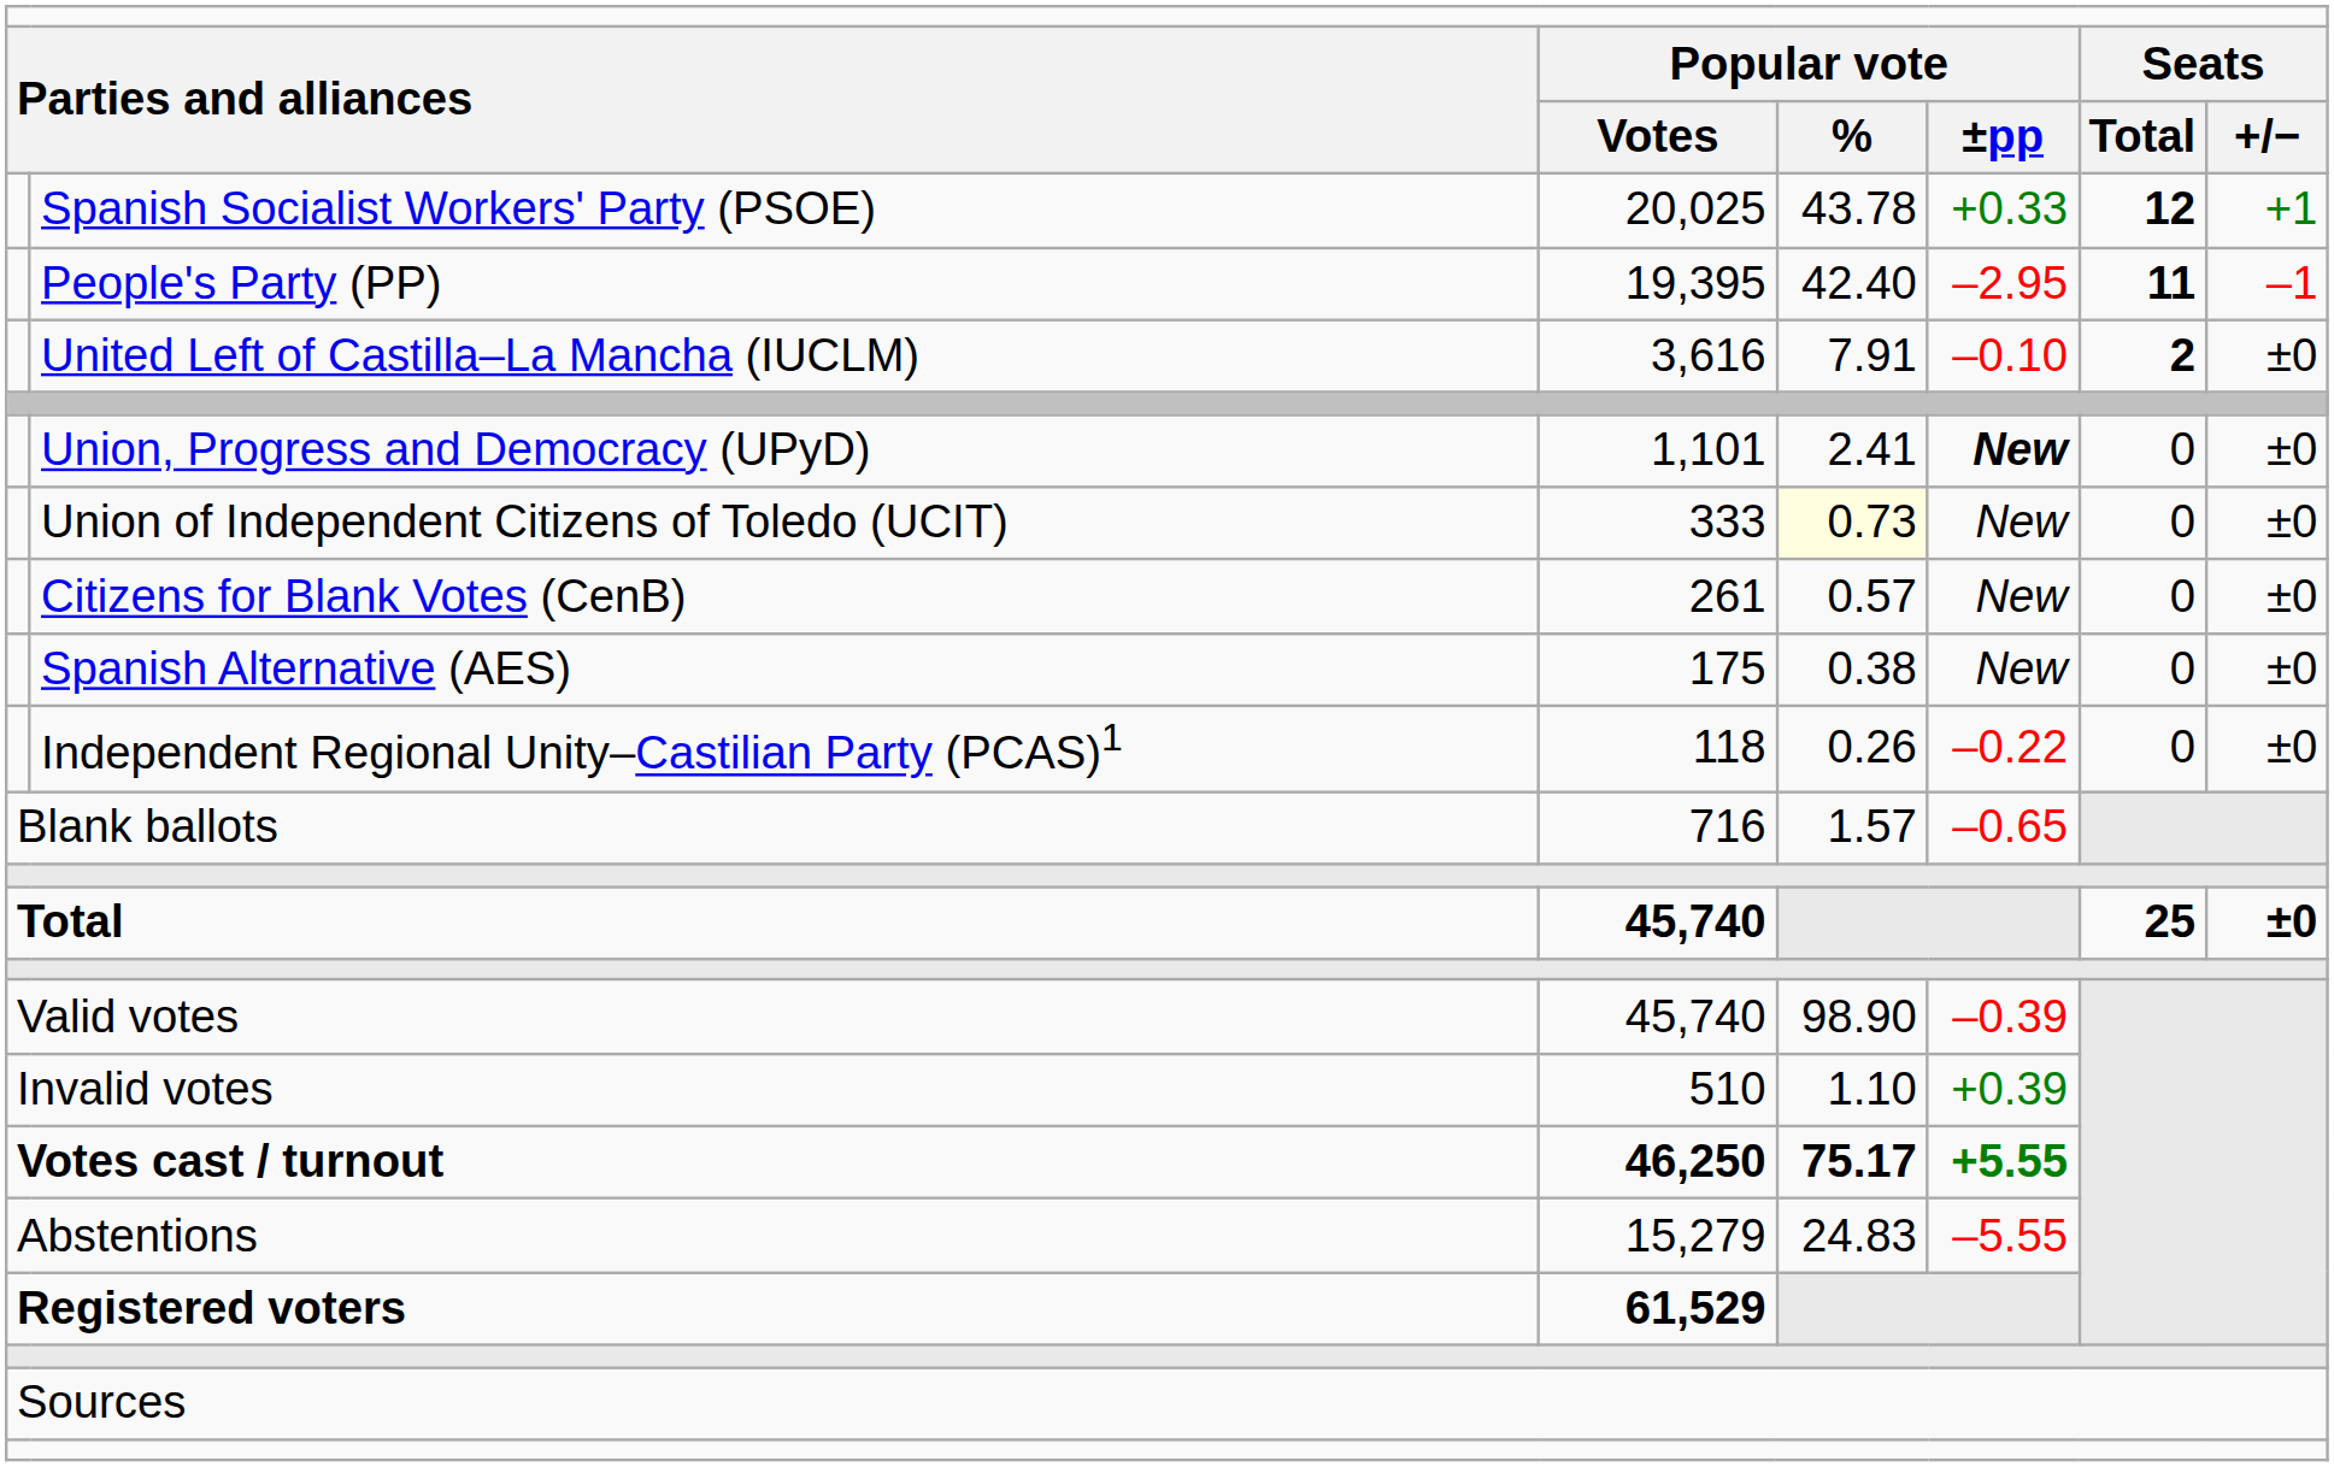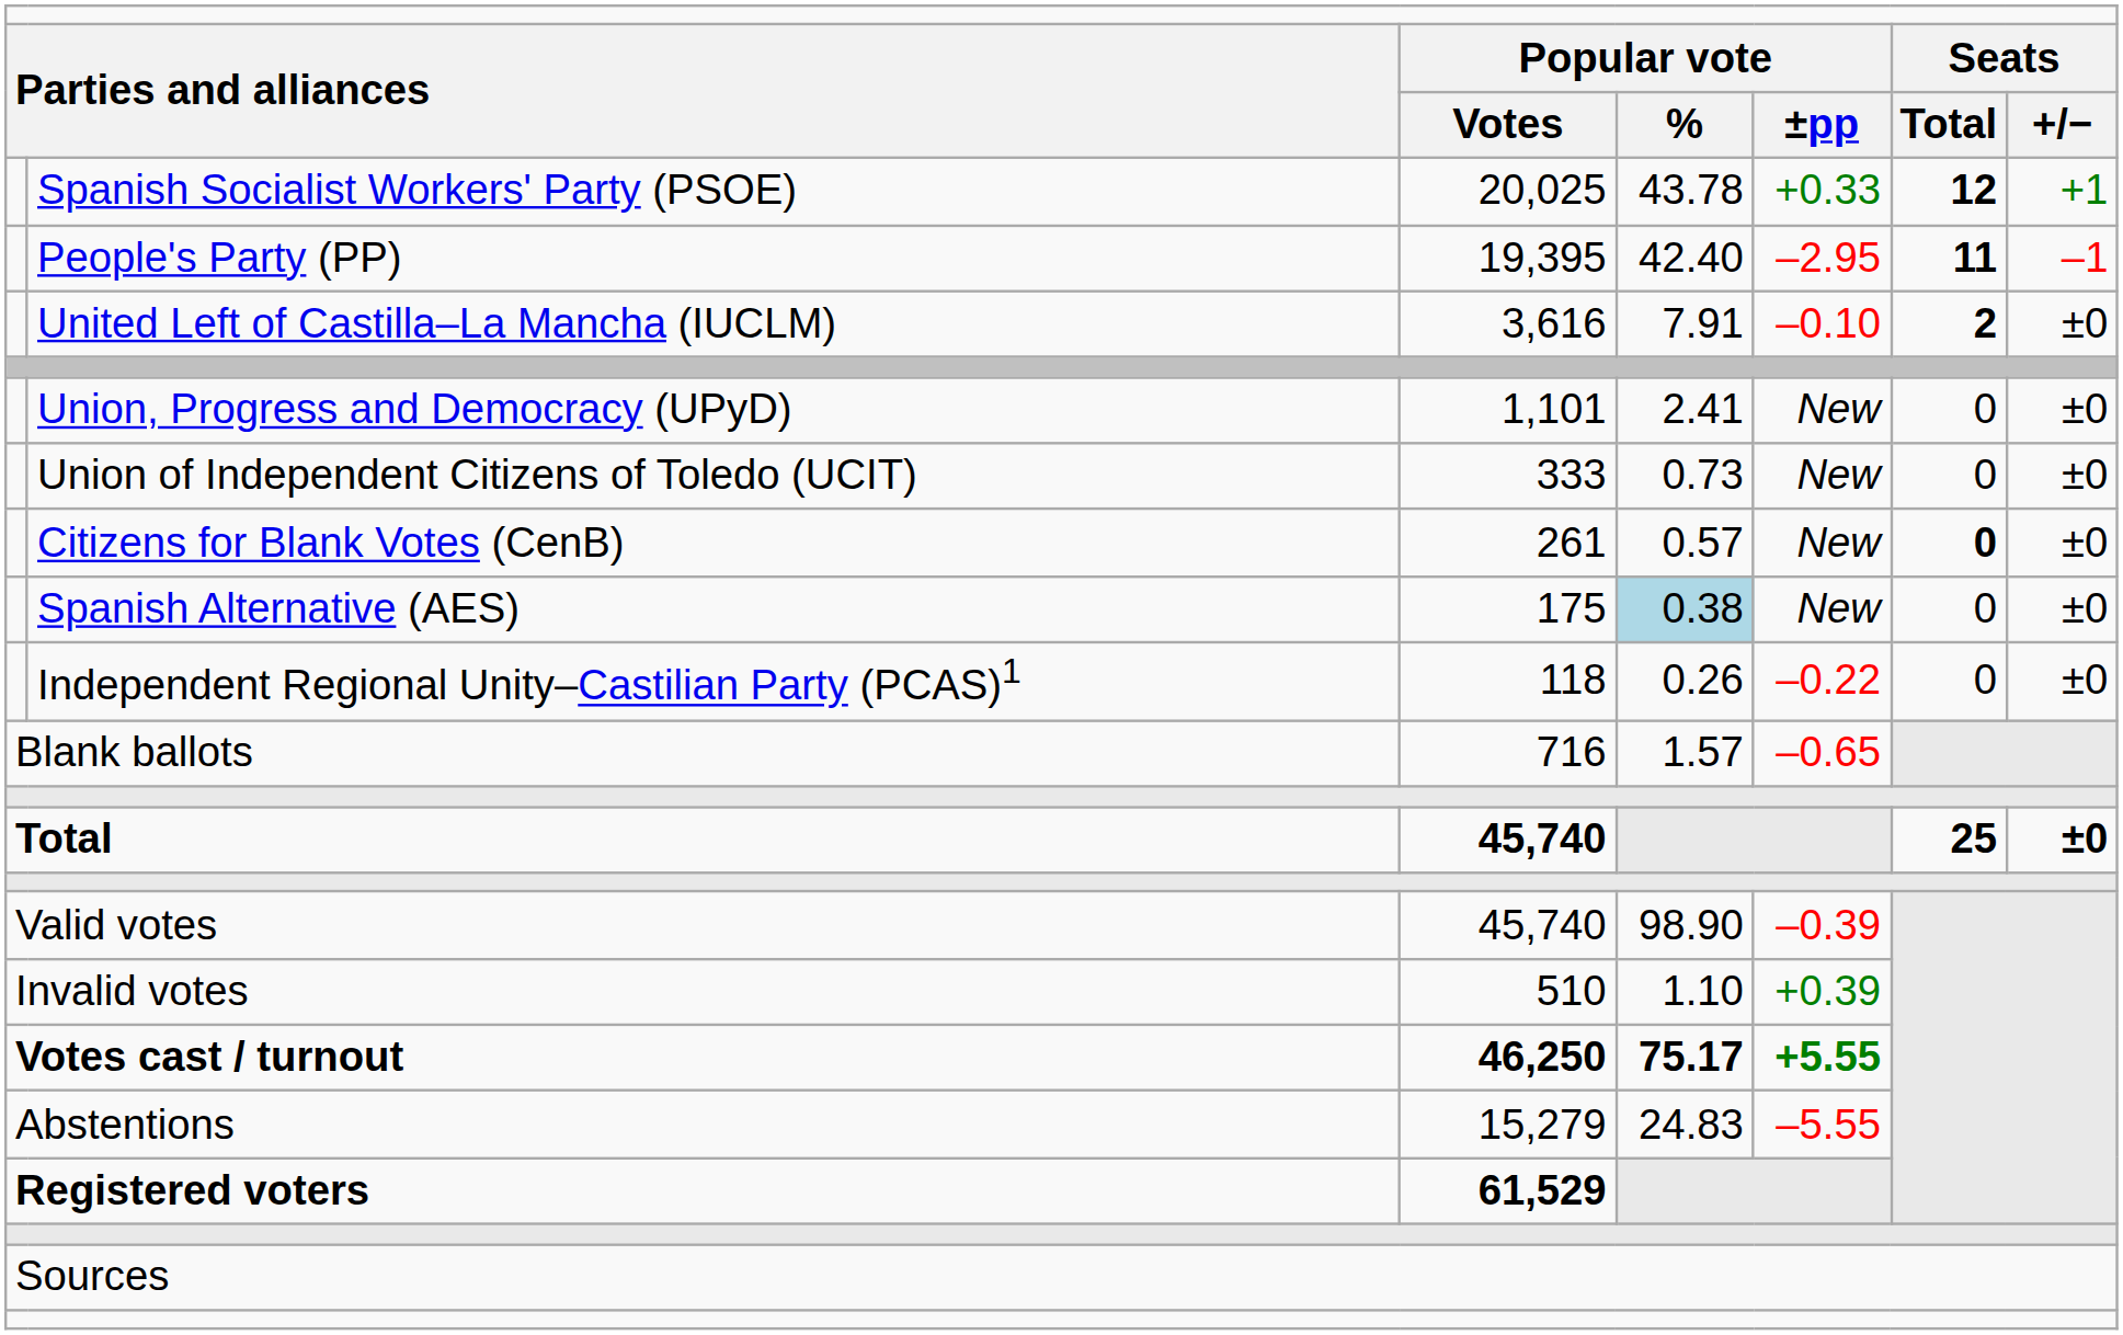 <table class="wikitable" style="text-align:right;">
 <tr>
 <td colspan="7"></td>
 </tr>
 <tr>
 <th style="text-align:left;" rowspan="2" colspan="2" width="525">Parties and alliances</th>
 <th colspan="3">Popular vote</th>
 <th colspan="2">Seats</th>
 </tr>
 <tr>
 <th width="75">Votes</th>
 <th width="45">%</th>
 <th width="45">±<a href='#'>pp</a></th>
 <th width="35">Total</th>
 <th width="35">+/−</th>
 </tr>
 <tr>
 <td width="1" style="color:inherit;background:"></td>
 <td align="left"><a href='#'>Spanish Socialist Workers' Party</a> (PSOE)</td>
 <td>20,025</td>
 <td>43.78</td>
 <td style="color:green;">+0.33</td>
 <td><strong>12</strong></td>
 <td style="color:green;">+1</td>
 </tr>
 <tr>
 <td style="color:inherit;background:"></td>
 <td align="left"><a href='#'>People's Party</a> (PP)</td>
 <td>19,395</td>
 <td>42.40</td>
 <td style="color:red;">–2.95</td>
 <td><strong>11</strong></td>
 <td style="color:red;">–1</td>
 </tr>
 <tr>
 <td style="color:inherit;background:"></td>
 <td align="left"><a href='#'>United Left of Castilla–La Mancha</a> (IUCLM)</td>
 <td>3,616</td>
 <td>7.91</td>
 <td style="color:red;">–0.10</td>
 <td><strong>2</strong></td>
 <td>±0</td>
 </tr>
 <tr>
 <td colspan="7" bgcolor="#C0C0C0"></td>
 </tr>
 <tr>
 <td style="color:inherit;background:"></td>
 <td align="left"><a href='#'>Union, Progress and Democracy</a> (UPyD)</td>
 <td>1,101</td>
 <td>2.41</td>
-<td><strong><em>New</em></strong></td>
+<td><em>New</em></td>
 <td>0</td>
 <td>±0</td>
 </tr>
 <tr>
 <td style="color:inherit;background:"></td>
 <td align="left">Union of Independent Citizens of Toledo (UCIT)</td>
 <td>333</td>
-<td style="background: lightyellow;">0.73</td>
+<td>0.73</td>
 <td><em>New</em></td>
 <td>0</td>
 <td>±0</td>
 </tr>
 <tr>
 <td style="color:inherit;background:"></td>
 <td align="left"><a href='#'>Citizens for Blank Votes</a> (CenB)</td>
 <td>261</td>
 <td>0.57</td>
 <td><em>New</em></td>
-<td>0</td>
+<td><strong>0</strong></td>
 <td>±0</td>
 </tr>
 <tr>
 <td style="color:inherit;background:"></td>
 <td align="left"><a href='#'>Spanish Alternative</a> (AES)</td>
 <td>175</td>
-<td>0.38</td>
+<td style="background: lightblue;">0.38</td>
 <td><em>New</em></td>
 <td>0</td>
 <td>±0</td>
 </tr>
 <tr>
 <td style="color:inherit;background:"></td>
 <td align="left">Independent Regional Unity–<a href='#'>Castilian Party</a> (PCAS)<sup>1</sup></td>
 <td>118</td>
 <td>0.26</td>
 <td style="color:red;">–0.22</td>
 <td>0</td>
 <td>±0</td>
 </tr>
 <tr>
 <td align="left" colspan="2">Blank ballots</td>
 <td>716</td>
 <td>1.57</td>
 <td style="color:red;">–0.65</td>
 <td bgcolor="#E9E9E9" colspan="2"></td>
 </tr>
 <tr>
 <td colspan="7" bgcolor="#E9E9E9"></td>
 </tr>
 <tr style="font-weight:bold;">
 <td align="left" colspan="2">Total</td>
 <td>45,740</td>
 <td bgcolor="#E9E9E9" colspan="2"></td>
 <td>25</td>
 <td>±0</td>
 </tr>
 <tr>
 <td colspan="7" bgcolor="#E9E9E9"></td>
 </tr>
 <tr>
 <td align="left" colspan="2">Valid votes</td>
 <td>45,740</td>
 <td>98.90</td>
 <td style="color:red;">–0.39</td>
 <td bgcolor="#E9E9E9" colspan="2" rowspan="5"></td>
 </tr>
 <tr>
 <td align="left" colspan="2">Invalid votes</td>
 <td>510</td>
 <td>1.10</td>
 <td style="color:green;">+0.39</td>
 </tr>
 <tr style="font-weight:bold;">
 <td align="left" colspan="2">Votes cast / turnout</td>
 <td>46,250</td>
 <td>75.17</td>
 <td style="color:green;">+5.55</td>
 </tr>
 <tr>
 <td align="left" colspan="2">Abstentions</td>
 <td>15,279</td>
 <td>24.83</td>
 <td style="color:red;">–5.55</td>
 </tr>
 <tr style="font-weight:bold;">
 <td align="left" colspan="2">Registered voters</td>
 <td>61,529</td>
 <td bgcolor="#E9E9E9" colspan="2"></td>
 </tr>
 <tr>
 <td colspan="7" bgcolor="#E9E9E9"></td>
 </tr>
 <tr>
 <td align="left" colspan="7">Sources</td>
 </tr>
 <tr>
 <td colspan="7" style="text-align:left; max-width:790px;"></td>
 </tr>
 </table>
